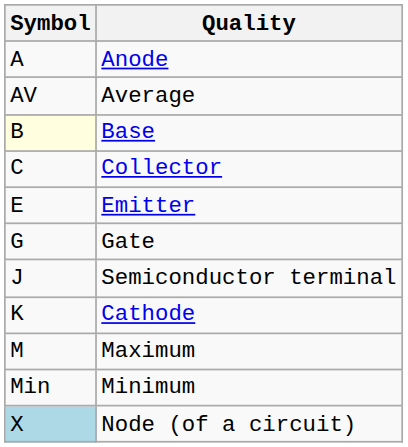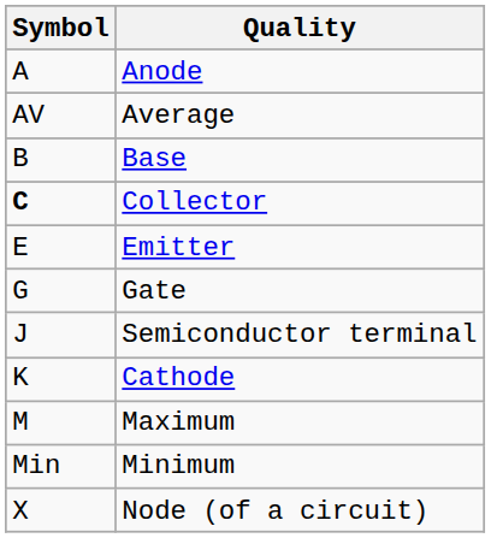 <table class="wikitable">
 <tr>
 <th>Symbol</th>
 <th>Quality</th>
 </tr>
 <tr>
 <td>A</td>
 <td><a href='#'>Anode</a></td>
 </tr>
 <tr>
 <td>AV</td>
 <td>Average</td>
 </tr>
 <tr>
-<td style="background: lightyellow;">B</td>
+<td>B</td>
 <td><a href='#'>Base</a></td>
 </tr>
 <tr>
-<td>C</td>
+<td><strong>C</strong></td>
 <td><a href='#'>Collector</a></td>
 </tr>
 <tr>
 <td>E</td>
 <td><a href='#'>Emitter</a></td>
 </tr>
 <tr>
 <td>G</td>
 <td>Gate</td>
 </tr>
 <tr>
 <td>J</td>
 <td>Semiconductor terminal</td>
 </tr>
 <tr>
 <td>K</td>
 <td><a href='#'>Cathode</a></td>
 </tr>
 <tr>
 <td>M</td>
 <td>Maximum</td>
 </tr>
 <tr>
 <td>Min</td>
 <td>Minimum</td>
 </tr>
 <tr>
-<td style="background: lightblue;">X</td>
+<td>X</td>
 <td>Node (of a circuit)</td>
 </tr>
 </table>
